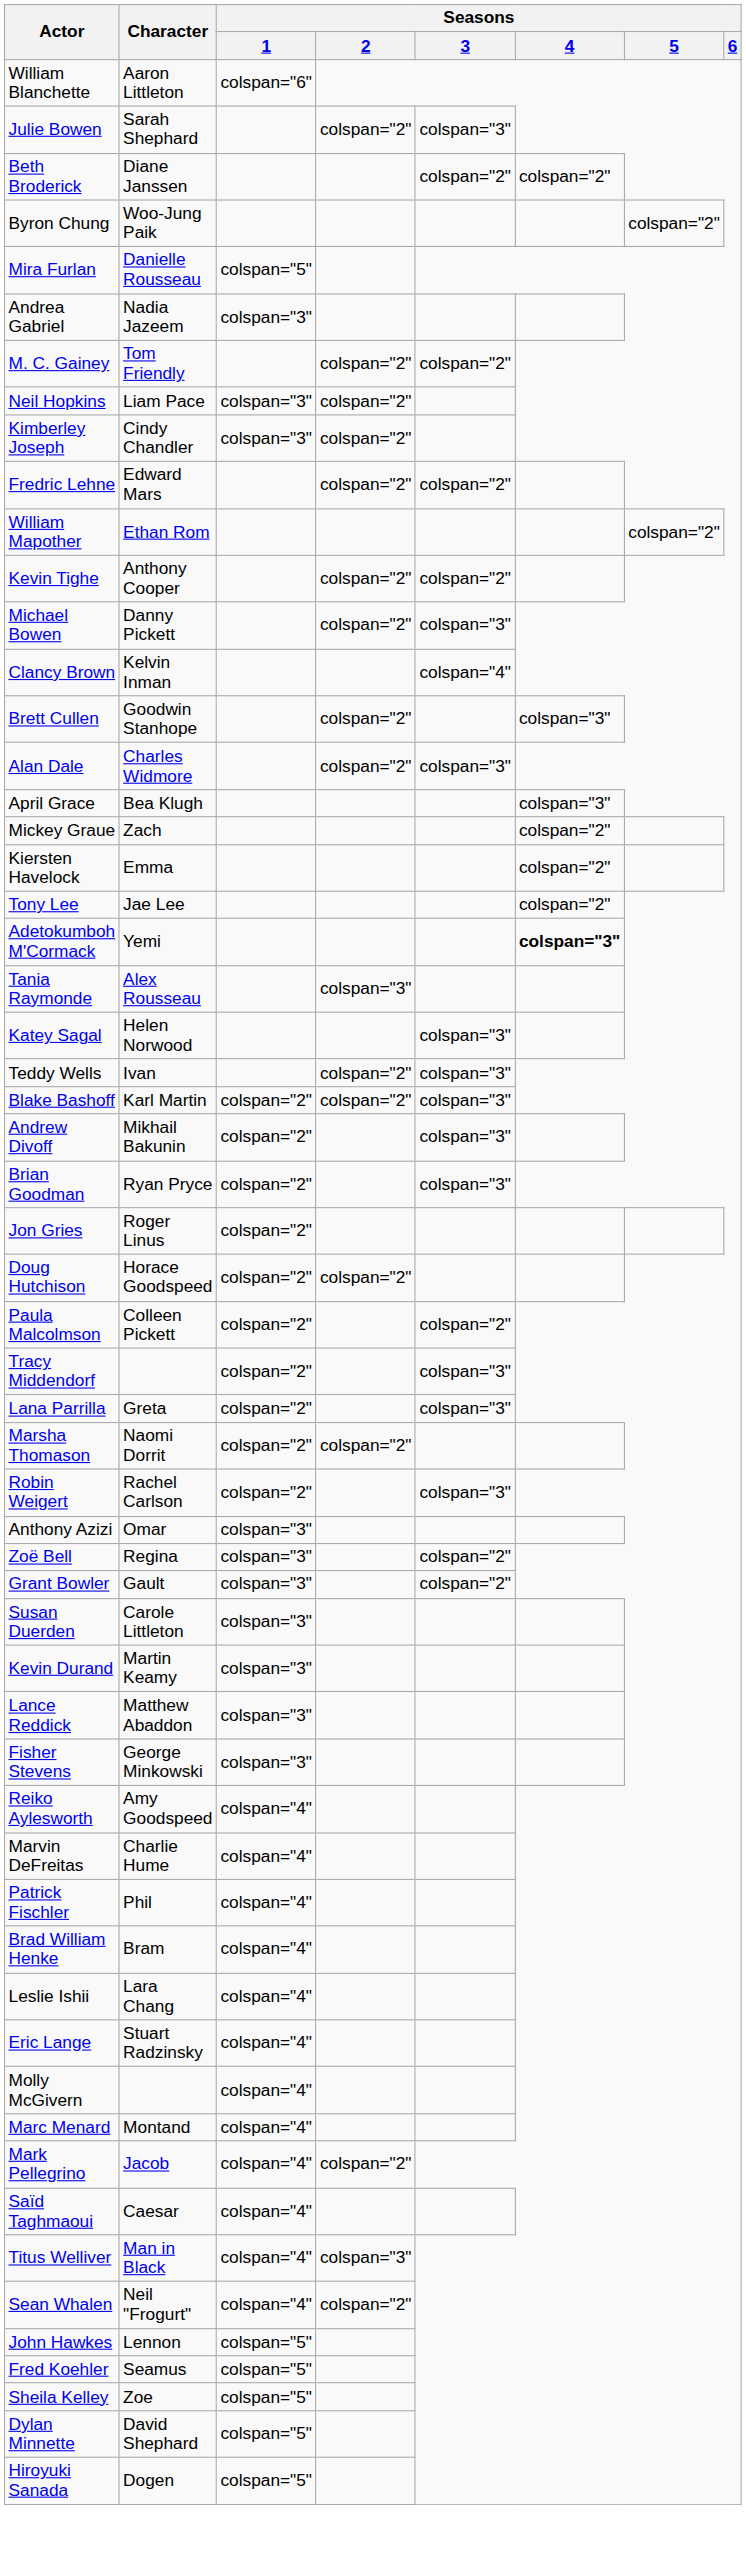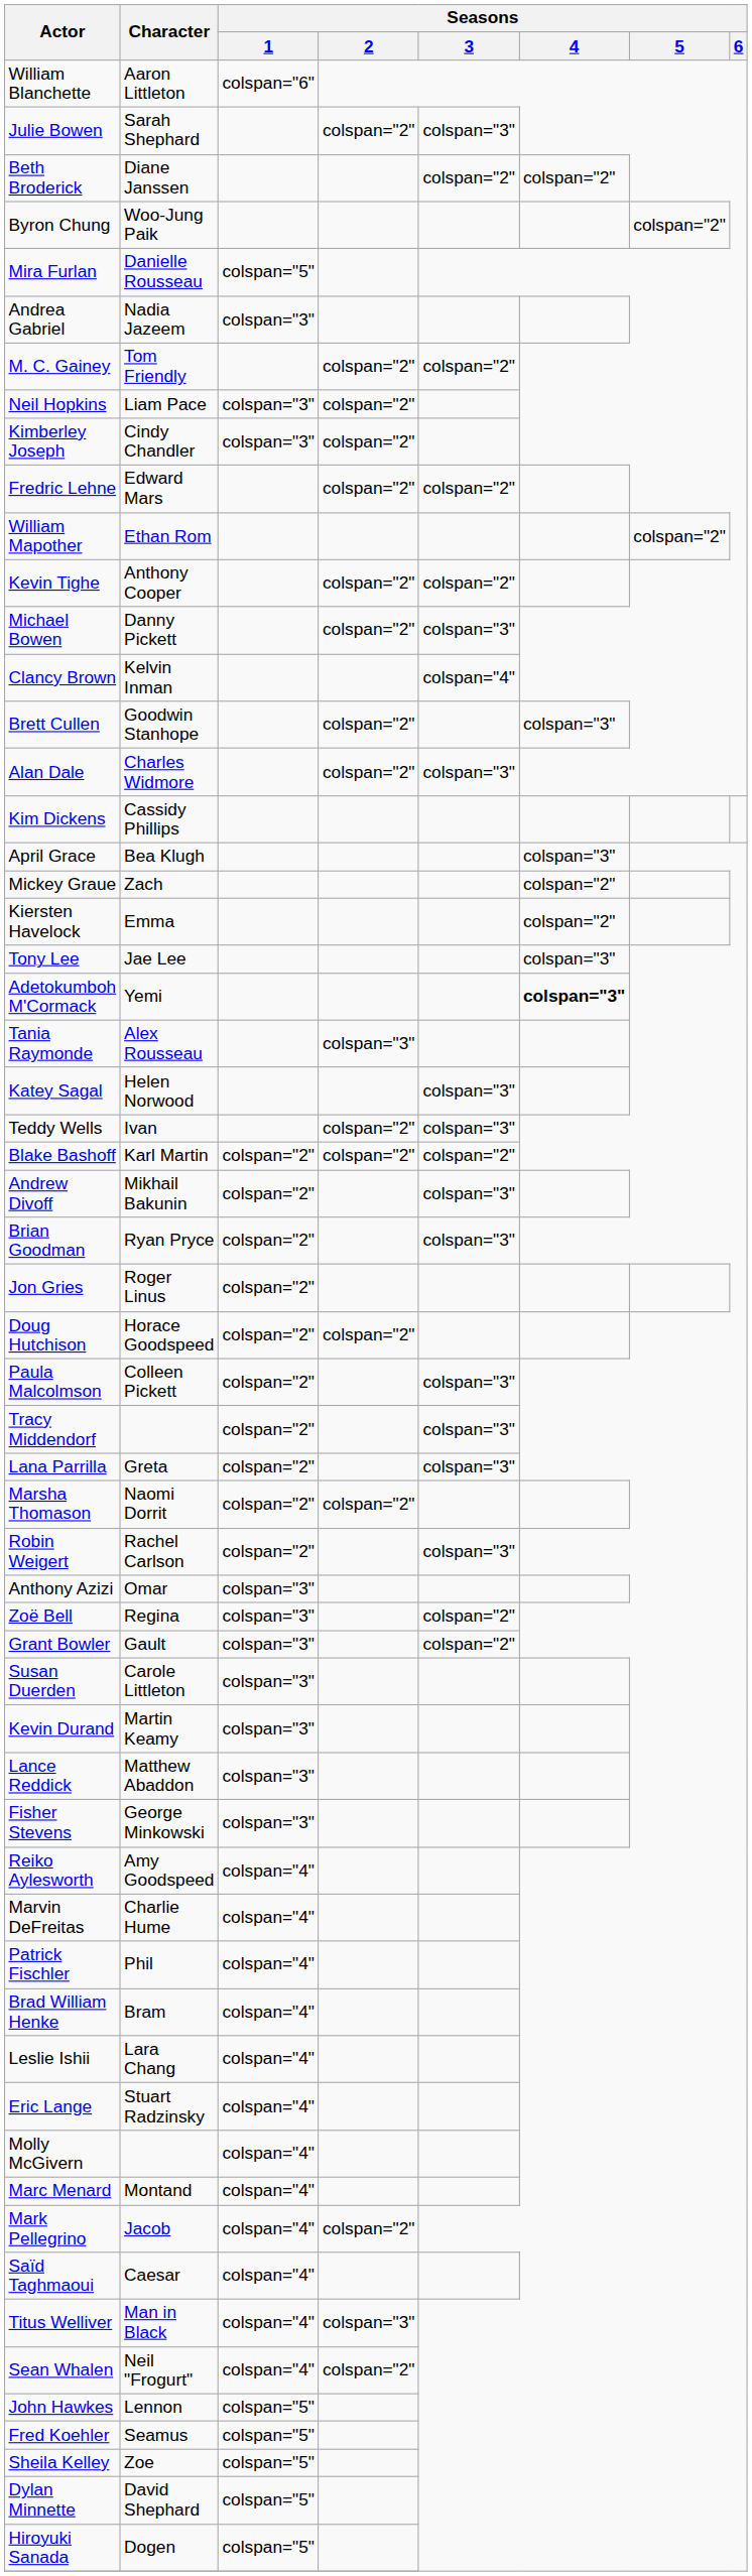 <table class="wikitable plainrowheaders">
 <tr>
 <th scope="col" rowspan="2">Actor</th>
 <th scope="col" rowspan="2">Character</th>
 <th scope="col" colspan="6">Seasons</th>
 </tr>
 <tr>
 <th scope="col" style="width:10%;"><a href='#'>1</a></th>
 <th scope="col" style="width:10%;"><a href='#'>2</a></th>
 <th scope="col" style="width:10%;"><a href='#'>3</a></th>
 <th scope="col" style="width:10%;"><a href='#'>4</a></th>
 <th scope="col" style="width:10%;"><a href='#'>5</a></th>
 <th scope="col" style="width:10%;"><a href='#'>6</a></th>
 </tr>
 <tr>
 <td>William Blanchette</td>
 <td>Aaron Littleton</td>
 <td>colspan="6" </td>
 </tr>
 <tr>
 <td><a href='#'>Julie Bowen</a></td>
 <td>Sarah Shephard</td>
 <td></td>
 <td>colspan="2" </td>
 <td>colspan="3" </td>
 </tr>
 <tr>
 <td><a href='#'>Beth Broderick</a></td>
 <td>Diane Janssen</td>
 <td></td>
 <td></td>
 <td>colspan="2" </td>
 <td>colspan="2" </td>
 </tr>
 <tr>
 <td>Byron Chung</td>
 <td>Woo-Jung Paik</td>
 <td></td>
 <td></td>
 <td></td>
 <td></td>
 <td>colspan="2" </td>
 </tr>
 <tr>
 <td><a href='#'>Mira Furlan</a></td>
 <td><a href='#'>Danielle Rousseau</a></td>
 <td>colspan="5" </td>
 <td></td>
 </tr>
 <tr>
 <td>Andrea Gabriel</td>
 <td>Nadia Jazeem</td>
 <td>colspan="3" </td>
 <td></td>
 <td></td>
 <td></td>
 </tr>
 <tr>
 <td><a href='#'>M. C. Gainey</a></td>
 <td><a href='#'>Tom Friendly</a></td>
 <td></td>
 <td>colspan="2" </td>
 <td>colspan="2" </td>
 </tr>
 <tr>
 <td><a href='#'>Neil Hopkins</a></td>
 <td>Liam Pace</td>
 <td>colspan="3" </td>
 <td>colspan="2" </td>
 <td></td>
 </tr>
 <tr>
 <td><a href='#'>Kimberley Joseph</a></td>
 <td>Cindy Chandler</td>
 <td>colspan="3" </td>
 <td>colspan="2" </td>
 <td></td>
 </tr>
 <tr>
 <td><a href='#'>Fredric Lehne</a></td>
 <td>Edward Mars</td>
 <td></td>
 <td>colspan="2" </td>
 <td>colspan="2" </td>
 <td></td>
 </tr>
 <tr>
 <td><a href='#'>William Mapother</a></td>
 <td><a href='#'>Ethan Rom</a></td>
 <td></td>
 <td></td>
 <td></td>
 <td></td>
 <td>colspan="2" </td>
 </tr>
 <tr>
 <td><a href='#'>Kevin Tighe</a></td>
 <td>Anthony Cooper</td>
 <td></td>
 <td>colspan="2" </td>
 <td>colspan="2" </td>
 <td></td>
 </tr>
 <tr>
 <td><a href='#'>Michael Bowen</a></td>
 <td>Danny Pickett</td>
 <td></td>
 <td>colspan="2" </td>
 <td>colspan="3" </td>
 </tr>
 <tr>
 <td><a href='#'>Clancy Brown</a></td>
 <td>Kelvin Inman</td>
 <td></td>
 <td></td>
 <td>colspan="4" </td>
 </tr>
 <tr>
 <td><a href='#'>Brett Cullen</a></td>
 <td>Goodwin Stanhope</td>
 <td></td>
 <td>colspan="2" </td>
 <td></td>
 <td>colspan="3" </td>
 </tr>
 <tr>
 <td><a href='#'>Alan Dale</a></td>
 <td><a href='#'>Charles Widmore</a></td>
 <td></td>
 <td>colspan="2" </td>
 <td>colspan="3" </td>
 </tr>
 <tr>
+<td><a href='#'>Kim Dickens</a></td>
+<td>Cassidy Phillips</td>
+<td></td>
+<td></td>
+<td></td>
+<td></td>
+<td></td>
+<td></td>
+</tr>
+<tr>
 <td>April Grace</td>
 <td>Bea Klugh</td>
 <td></td>
 <td></td>
 <td></td>
 <td>colspan="3" </td>
 </tr>
 <tr>
 <td>Mickey Graue</td>
 <td>Zach</td>
 <td></td>
 <td></td>
 <td></td>
 <td>colspan="2" </td>
 <td></td>
 </tr>
 <tr>
 <td>Kiersten Havelock</td>
 <td>Emma</td>
 <td></td>
 <td></td>
 <td></td>
 <td>colspan="2" </td>
 <td></td>
 </tr>
 <tr>
 <td><a href='#'>Tony Lee</a></td>
 <td>Jae Lee</td>
 <td></td>
 <td></td>
 <td></td>
-<td>colspan="2" </td>
+<td>colspan="3" </td>
 </tr>
 <tr>
 <td><a href='#'>Adetokumboh M'Cormack</a></td>
 <td>Yemi</td>
 <td></td>
 <td></td>
 <td></td>
 <td><strong>colspan="3" </strong></td>
 </tr>
 <tr>
 <td><a href='#'>Tania Raymonde</a></td>
 <td><a href='#'>Alex Rousseau</a></td>
 <td></td>
 <td>colspan="3" </td>
 <td></td>
 <td></td>
 </tr>
 <tr>
 <td><a href='#'>Katey Sagal</a></td>
 <td>Helen Norwood</td>
 <td></td>
 <td></td>
 <td>colspan="3" </td>
 <td></td>
 </tr>
 <tr>
 <td>Teddy Wells</td>
 <td>Ivan</td>
 <td></td>
 <td>colspan="2" </td>
 <td>colspan="3" </td>
 </tr>
 <tr>
 <td><a href='#'>Blake Bashoff</a></td>
 <td>Karl Martin</td>
 <td>colspan="2" </td>
 <td>colspan="2" </td>
-<td>colspan="3" </td>
+<td>colspan="2" </td>
 </tr>
 <tr>
 <td><a href='#'>Andrew Divoff</a></td>
 <td>Mikhail Bakunin</td>
 <td>colspan="2" </td>
 <td></td>
 <td>colspan="3" </td>
 <td></td>
 </tr>
 <tr>
 <td><a href='#'>Brian Goodman</a></td>
 <td>Ryan Pryce</td>
 <td>colspan="2" </td>
 <td></td>
 <td>colspan="3" </td>
 </tr>
 <tr>
 <td><a href='#'>Jon Gries</a></td>
 <td>Roger Linus</td>
 <td>colspan="2" </td>
 <td></td>
 <td></td>
 <td></td>
 <td></td>
 </tr>
 <tr>
 <td><a href='#'>Doug Hutchison</a></td>
 <td>Horace Goodspeed</td>
 <td>colspan="2" </td>
 <td>colspan="2" </td>
 <td></td>
 <td></td>
 </tr>
 <tr>
 <td><a href='#'>Paula Malcolmson</a></td>
 <td>Colleen Pickett</td>
 <td>colspan="2" </td>
 <td></td>
-<td>colspan="2" </td>
+<td>colspan="3" </td>
 </tr>
 <tr>
 <td><a href='#'>Tracy Middendorf</a></td>
 <td></td>
 <td>colspan="2" </td>
 <td></td>
 <td>colspan="3" </td>
 </tr>
 <tr>
 <td><a href='#'>Lana Parrilla</a></td>
 <td>Greta</td>
 <td>colspan="2" </td>
 <td></td>
 <td>colspan="3" </td>
 </tr>
 <tr>
 <td><a href='#'>Marsha Thomason</a></td>
 <td>Naomi Dorrit</td>
 <td>colspan="2" </td>
 <td>colspan="2" </td>
 <td></td>
 <td></td>
 </tr>
 <tr>
 <td><a href='#'>Robin Weigert</a></td>
 <td>Rachel Carlson</td>
 <td>colspan="2" </td>
 <td></td>
 <td>colspan="3" </td>
 </tr>
 <tr>
 <td>Anthony Azizi</td>
 <td>Omar</td>
 <td>colspan="3" </td>
 <td></td>
 <td></td>
 <td></td>
 </tr>
 <tr>
 <td><a href='#'>Zoë Bell</a></td>
 <td>Regina</td>
 <td>colspan="3" </td>
 <td></td>
 <td>colspan="2" </td>
 </tr>
 <tr>
 <td><a href='#'>Grant Bowler</a></td>
 <td>Gault</td>
 <td>colspan="3" </td>
 <td></td>
 <td>colspan="2" </td>
 </tr>
 <tr>
 <td><a href='#'>Susan Duerden</a></td>
 <td>Carole Littleton</td>
 <td>colspan="3" </td>
 <td></td>
 <td></td>
 <td></td>
 </tr>
 <tr>
 <td><a href='#'>Kevin Durand</a></td>
 <td>Martin Keamy</td>
 <td>colspan="3" </td>
 <td></td>
 <td></td>
 <td></td>
 </tr>
 <tr>
 <td><a href='#'>Lance Reddick</a></td>
 <td>Matthew Abaddon</td>
 <td>colspan="3" </td>
 <td></td>
 <td></td>
 <td></td>
 </tr>
 <tr>
 <td><a href='#'>Fisher Stevens</a></td>
 <td>George Minkowski</td>
 <td>colspan="3" </td>
 <td></td>
 <td></td>
 <td></td>
 </tr>
 <tr>
 <td><a href='#'>Reiko Aylesworth</a></td>
 <td>Amy Goodspeed</td>
 <td>colspan="4" </td>
 <td></td>
 <td></td>
 </tr>
 <tr>
 <td>Marvin DeFreitas</td>
 <td>Charlie Hume</td>
 <td>colspan="4" </td>
 <td></td>
 <td></td>
 </tr>
 <tr>
 <td><a href='#'>Patrick Fischler</a></td>
 <td>Phil</td>
 <td>colspan="4" </td>
 <td></td>
 <td></td>
 </tr>
 <tr>
 <td><a href='#'>Brad William Henke</a></td>
 <td>Bram</td>
 <td>colspan="4" </td>
 <td></td>
 <td></td>
 </tr>
 <tr>
 <td>Leslie Ishii</td>
 <td>Lara Chang</td>
 <td>colspan="4" </td>
 <td></td>
 <td></td>
 </tr>
 <tr>
 <td><a href='#'>Eric Lange</a></td>
 <td>Stuart Radzinsky</td>
 <td>colspan="4" </td>
 <td></td>
 <td></td>
 </tr>
 <tr>
 <td>Molly McGivern</td>
 <td></td>
 <td>colspan="4" </td>
 <td></td>
 <td></td>
 </tr>
 <tr>
 <td><a href='#'>Marc Menard</a></td>
 <td>Montand</td>
 <td>colspan="4" </td>
 <td></td>
 <td></td>
 </tr>
 <tr>
 <td><a href='#'>Mark Pellegrino</a></td>
 <td><a href='#'>Jacob</a></td>
 <td>colspan="4" </td>
 <td>colspan="2" </td>
 </tr>
 <tr>
 <td><a href='#'>Saïd Taghmaoui</a></td>
 <td>Caesar</td>
 <td>colspan="4" </td>
 <td></td>
 <td></td>
 </tr>
 <tr>
 <td><a href='#'>Titus Welliver</a></td>
 <td><a href='#'>Man in Black</a></td>
 <td>colspan="4" </td>
 <td>colspan="3" </td>
 </tr>
 <tr>
 <td><a href='#'>Sean Whalen</a></td>
 <td>Neil "Frogurt"</td>
 <td>colspan="4" </td>
 <td>colspan="2" </td>
 </tr>
 <tr>
 <td><a href='#'>John Hawkes</a></td>
 <td>Lennon</td>
 <td>colspan="5" </td>
 <td></td>
 </tr>
 <tr>
 <td><a href='#'>Fred Koehler</a></td>
 <td>Seamus</td>
 <td>colspan="5" </td>
 <td></td>
 </tr>
 <tr>
 <td><a href='#'>Sheila Kelley</a></td>
 <td>Zoe</td>
 <td>colspan="5" </td>
 <td></td>
 </tr>
 <tr>
 <td><a href='#'>Dylan Minnette</a></td>
 <td>David Shephard</td>
 <td>colspan="5" </td>
 <td></td>
 </tr>
 <tr>
 <td><a href='#'>Hiroyuki Sanada</a></td>
 <td>Dogen</td>
 <td>colspan="5" </td>
 <td></td>
 </tr>
 <tr>
 </tr>
 </table>
